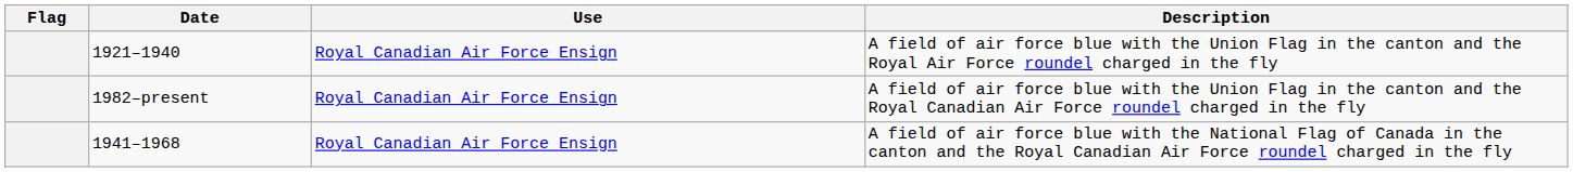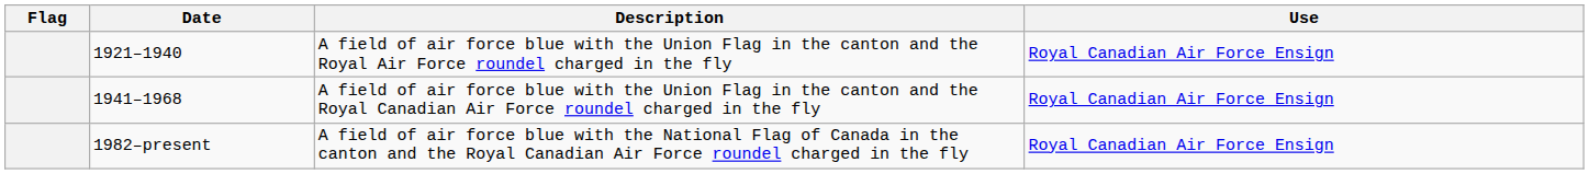 <table class="wikitable">
 <tr>
 <th scope="col">Flag</th>
 <th scope="col">Date</th>
+<th scope="col" style="width: 45%;">Description</th>
 <th scope="col">Use</th>
-<th scope="col" style="width: 45%;">Description</th>
 </tr>
 <tr>
 <th scope="row"></th>
 <td>1921–1940</td>
+<td>A field of air force blue with the Union Flag in the canton and the Royal Air Force <a href='#'>roundel</a> charged in the fly</td>
 <td><a href='#'>Royal Canadian Air Force Ensign</a></td>
-<td>A field of air force blue with the Union Flag in the canton and the Royal Air Force <a href='#'>roundel</a> charged in the fly</td>
+</tr>
+<tr>
+<th scope="row"></th>
+<td>1941–1968</td>
+<td>A field of air force blue with the Union Flag in the canton and the Royal Canadian Air Force <a href='#'>roundel</a> charged in the fly</td>
+<td><a href='#'>Royal Canadian Air Force Ensign</a></td>
 </tr>
 <tr>
 <th scope="row"></th>
 <td>1982–present</td>
+<td>A field of air force blue with the National Flag of Canada in the canton and the Royal Canadian Air Force <a href='#'>roundel</a> charged in the fly</td>
 <td><a href='#'>Royal Canadian Air Force Ensign</a></td>
-<td>A field of air force blue with the Union Flag in the canton and the Royal Canadian Air Force <a href='#'>roundel</a> charged in the fly</td>
-</tr>
-<tr>
-<th scope="row"></th>
-<td>1941–1968</td>
-<td><a href='#'>Royal Canadian Air Force Ensign</a></td>
-<td>A field of air force blue with the National Flag of Canada in the canton and the Royal Canadian Air Force <a href='#'>roundel</a> charged in the fly</td>
 </tr>
 </table>
